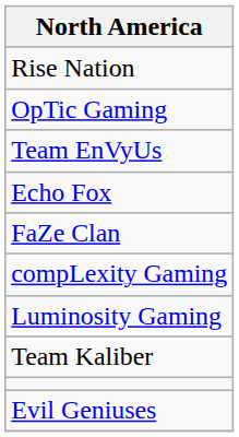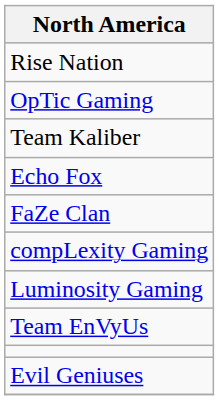 <table class="wikitable" style="display: inline-table;">
 <tr>
 <th>North America</th>
 </tr>
 <tr>
 <td>Rise Nation</td>
 </tr>
 <tr>
 <td><a href='#'>OpTic Gaming</a></td>
 </tr>
 <tr>
-<td><a href='#'>Team EnVyUs</a></td>
+<td>Team Kaliber</td>
 </tr>
 <tr>
 <td><a href='#'>Echo Fox</a></td>
 </tr>
 <tr>
 <td><a href='#'>FaZe Clan</a></td>
 </tr>
 <tr>
 <td><a href='#'>compLexity Gaming</a></td>
 </tr>
 <tr>
 <td><a href='#'>Luminosity Gaming</a></td>
 </tr>
 <tr>
-<td>Team Kaliber</td>
+<td><a href='#'>Team EnVyUs</a></td>
 </tr>
 <tr>
 <td></td>
 </tr>
 <tr>
 <td><a href='#'>Evil Geniuses</a></td>
 </tr>
 <tr>
 </tr>
 </table>
